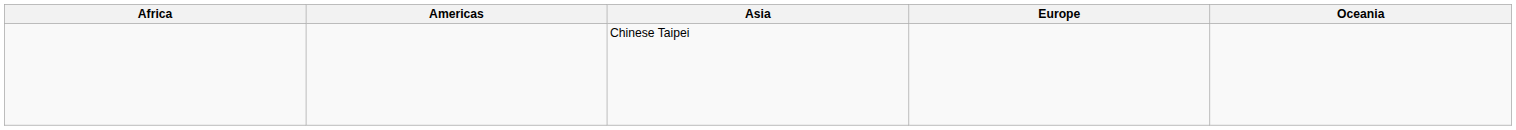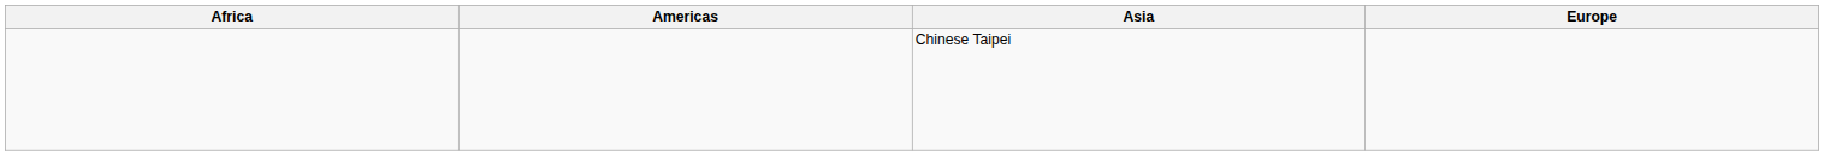 <table class="wikitable" width="100%">
 <tr>
 <th width="16%">Africa</th>
 <th width="16%">Americas</th>
 <th width="16%">Asia</th>
 <th width="16%">Europe</th>
-<th width="16%">Oceania</th>
 </tr>
 <tr valign="top">
 <td></td>
 <td><br><br><br> <br> </td>
 <td> Chinese Taipei<br><br><br> <br></td>
 <td><br><br><br> <br> <br> <br> <br> </td>
-<td></td>
 </tr>
 </table>
